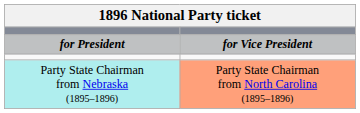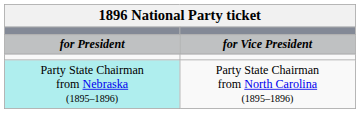 <table class="wikitable" style="font-size:90%; text-align:center;">
 <tr>
 <td style="background:#f1f1f1;" colspan="2"><big><strong>1896 National Party ticket</strong></big></td>
 </tr>
 <tr>
 <th style="width:3em; font-size:135%; background:#838996; width:200px;"><a href='#'></a></th>
 <th style="width:3em; font-size:135%; background:#838996; width:200px;"><a href='#'></a></th>
 </tr>
 <tr style="color:#000; font-size:100%; background:#BFC1C2;">
 <td style="width:3em; width:200px;"><strong><em>for President</em></strong></td>
 <td style="width:3em; width:200px;"><strong><em>for Vice President</em></strong></td>
 </tr>
 <tr>
 <td></td>
 <td></td>
 </tr>
 <tr>
 <td style="background: paleturquoise;">Party State Chairman<br>from <a href='#'>Nebraska</a><br><small>(1895–1896)</small></td>
-<td style="background: lightsalmon;">Party State Chairman<br>from <a href='#'>North Carolina</a><br><small>(1895–1896)</small></td>
+<td>Party State Chairman<br>from <a href='#'>North Carolina</a><br><small>(1895–1896)</small></td>
 </tr>
 </table>
